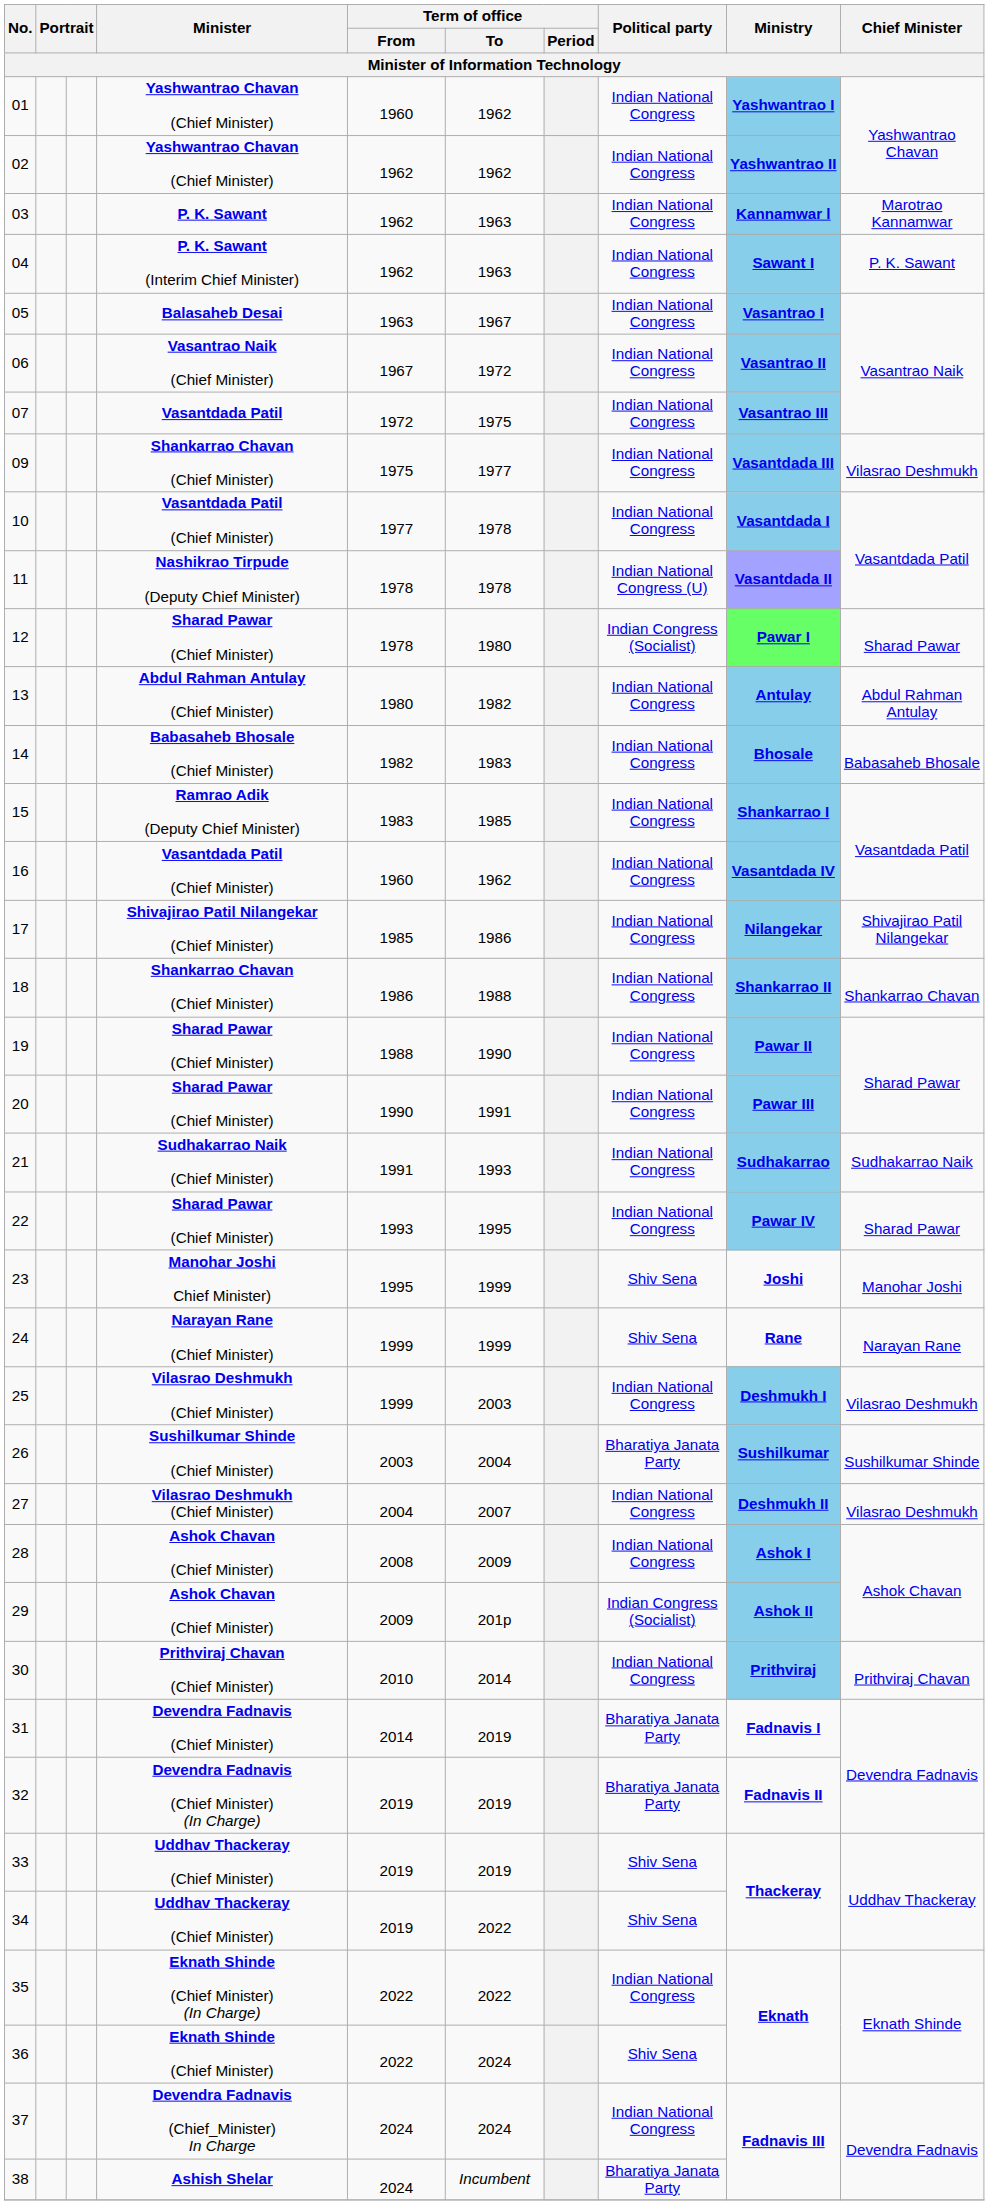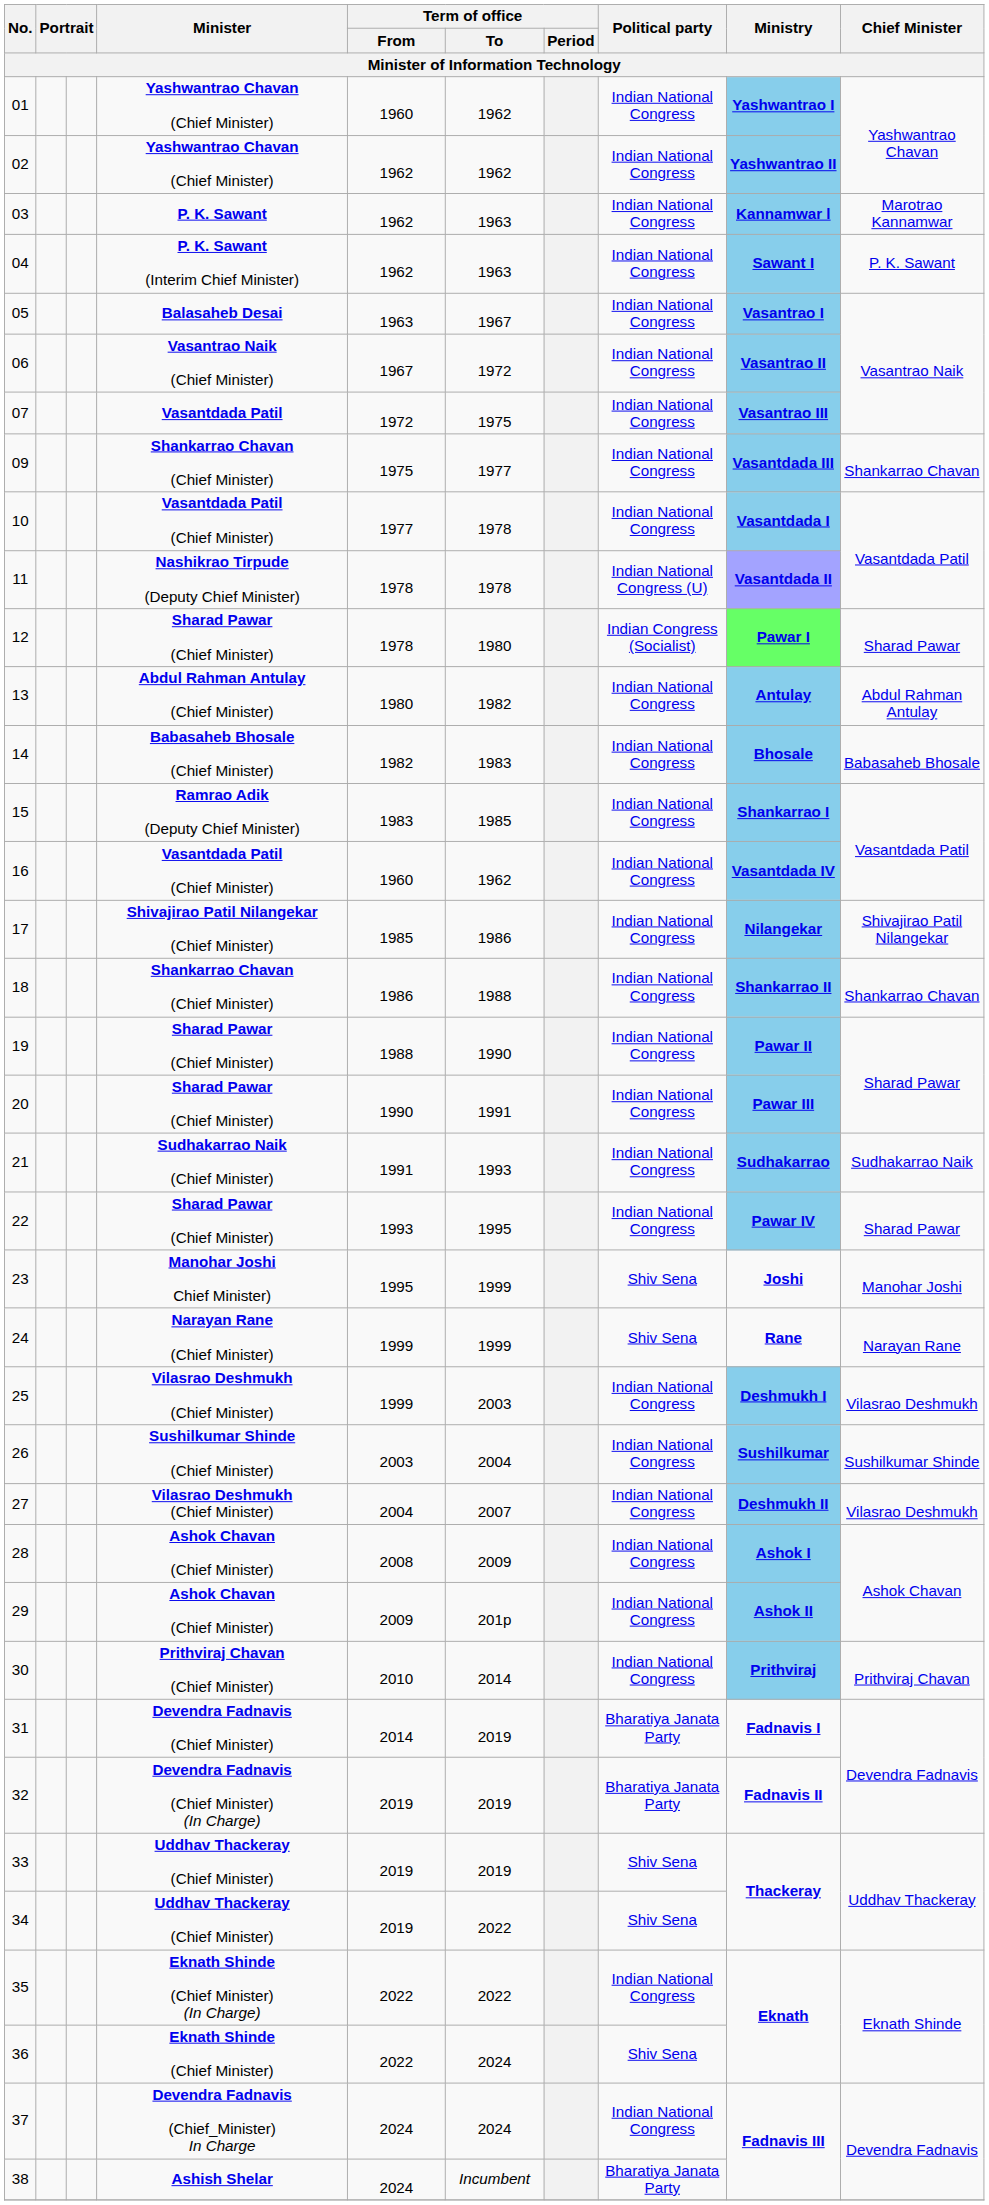 <table class="wikitable" style="text-align:center">
 <tr>
 <th rowspan="2">No.</th>
 <th rowspan="2" colspan="2">Portrait</th>
 <th rowspan="2" style="width:16em">Minister<br></th>
 <th colspan="3">Term of office</th>
 <th rowspan="2" style="width:8em">Political party</th>
 <th rowspan="2">Ministry</th>
 <th rowspan="2" style="width:9em">Chief Minister</th>
 </tr>
 <tr>
 <th style="width:6em">From</th>
 <th style="width:6em">To</th>
 <th>Period</th>
 </tr>
 <tr>
 <th colspan="10">Minister of Information Technology</th>
 </tr>
 <tr>
 <td>01</td>
 <td style="color:inherit;background:"></td>
 <td></td>
 <td><strong><a href='#'>Yashwantrao Chavan</a></strong> <br> <br>(Chief Minister)</td>
 <td><br>1960</td>
 <td><br>1962</td>
 <th></th>
 <td><a href='#'>Indian National Congress</a></td>
 <td bgcolor="#87CEEB"><a href='#'><strong>Yashwantrao I</strong></a></td>
 <td rowspan="2"> <br><a href='#'>Yashwantrao Chavan</a></td>
 </tr>
 <tr>
 <td>02</td>
 <td style="color:inherit;background:"></td>
 <td></td>
 <td><strong><a href='#'>Yashwantrao Chavan</a></strong> <br>  <br>(Chief Minister)</td>
 <td><br>1962</td>
 <td><br>1962</td>
 <th></th>
 <td><a href='#'>Indian National Congress</a></td>
 <td bgcolor="#87CEEB"><a href='#'><strong>Yashwantrao II</strong></a></td>
 </tr>
 <tr>
 <td>03</td>
 <td style="color:inherit;background:"></td>
 <td></td>
 <td><strong><a href='#'>P. K. Sawant</a></strong> <br> </td>
 <td><br>1962</td>
 <td><br>1963</td>
 <th></th>
 <td><a href='#'>Indian National Congress</a></td>
 <td bgcolor="#87CEEB"><a href='#'><strong>Kannamwar l</strong></a></td>
 <td><a href='#'>Marotrao Kannamwar</a></td>
 </tr>
 <tr>
 <td>04</td>
 <td style="color:inherit;background:"></td>
 <td></td>
 <td><strong><a href='#'>P. K. Sawant</a></strong> <br>  <br>(Interim Chief Minister)</td>
 <td><br>1962</td>
 <td><br>1963</td>
 <th></th>
 <td><a href='#'>Indian National Congress</a></td>
 <td bgcolor="#87CEEB"><a href='#'><strong>Sawant I</strong></a></td>
 <td><a href='#'>P. K. Sawant</a></td>
 </tr>
 <tr>
 <td>05</td>
 <td style="color:inherit;background:"></td>
 <td></td>
 <td><strong><a href='#'>Balasaheb Desai</a></strong> <br> </td>
 <td><br>1963</td>
 <td><br>1967</td>
 <th></th>
 <td><a href='#'>Indian National Congress</a></td>
 <td bgcolor="#87CEEB"><a href='#'><strong>Vasantrao I</strong></a></td>
 <td rowspan="3"><br><a href='#'>Vasantrao Naik</a></td>
 </tr>
 <tr>
 <td>06</td>
 <td style="color:inherit;background:"></td>
 <td></td>
 <td><strong><a href='#'>Vasantrao Naik</a></strong> <br> <br>(Chief Minister)</td>
 <td><br>1967</td>
 <td><br>1972</td>
 <th></th>
 <td><a href='#'>Indian National Congress</a></td>
 <td rowspan="1" bgcolor="#87CEEB"><a href='#'><strong>Vasantrao II</strong></a></td>
 </tr>
 <tr>
 <td>07</td>
 <td style="color:inherit;background:"></td>
 <td></td>
 <td><strong><a href='#'>Vasantdada Patil</a></strong> <br> </td>
 <td><br>1972</td>
 <td><br>1975</td>
 <th></th>
 <td><a href='#'>Indian National Congress</a></td>
 <td bgcolor="#87CEEB"><a href='#'><strong>Vasantrao III</strong></a></td>
 </tr>
 <tr>
 <td>09</td>
 <td style="color:inherit;background:"></td>
 <td></td>
 <td><strong><a href='#'>Shankarrao Chavan</a></strong> <br> <br>(Chief Minister)</td>
 <td><br>1975</td>
 <td><br>1977</td>
 <th></th>
 <td><a href='#'>Indian National Congress</a></td>
 <td bgcolor="#87CEEB"><a href='#'><strong>Vasantdada III</strong></a></td>
-<td> <br><a href='#'>Vilasrao Deshmukh</a></td>
+<td><br><a href='#'>Shankarrao Chavan</a></td>
 </tr>
 <tr>
 <td>10</td>
 <td style="color:inherit;background:"></td>
 <td></td>
 <td><strong><a href='#'>Vasantdada Patil</a></strong> <br> <br>(Chief Minister)</td>
 <td><br>1977</td>
 <td><br>1978</td>
 <th></th>
 <td><a href='#'>Indian National Congress</a></td>
 <td rowspan="1" bgcolor="#88CEEB"><a href='#'><strong>Vasantdada I</strong></a></td>
 <td rowspan="2"><br><a href='#'>Vasantdada Patil</a></td>
 </tr>
 <tr>
 <td>11</td>
 <td style="color:inherit;background:"></td>
 <td></td>
 <td><strong><a href='#'>Nashikrao Tirpude</a></strong><br>  <br>(Deputy Chief Minister)</td>
 <td><br>1978</td>
 <td><br>1978</td>
 <th></th>
 <td><a href='#'>Indian National Congress (U)</a></td>
 <td bgcolor="#A3A3FF"><a href='#'><strong>Vasantdada II</strong></a></td>
 </tr>
 <tr>
 <td>12</td>
 <td style="color:inherit;background:"></td>
 <td></td>
 <td><strong><a href='#'>Sharad Pawar</a></strong> <br> <br> (Chief Minister)</td>
 <td><br>1978</td>
 <td><br>1980</td>
 <th></th>
 <td><a href='#'>Indian Congress (Socialist)</a></td>
 <td rowspan="1" bgcolor="#66FF66"><a href='#'><strong>Pawar I</strong></a></td>
 <td rowspan="1"><br><a href='#'>Sharad Pawar</a></td>
 </tr>
 <tr>
 <td>13</td>
 <td style="color:inherit;background:"></td>
 <td></td>
 <td><strong><a href='#'>Abdul Rahman Antulay</a></strong> <br> <br>(Chief Minister)</td>
 <td><br>1980</td>
 <td><br>1982</td>
 <th></th>
 <td><a href='#'>Indian National Congress</a></td>
 <td bgcolor="#87CEEB"><a href='#'><strong>Antulay</strong></a></td>
 <td rowspan="1"> <br><a href='#'>Abdul Rahman Antulay</a></td>
 </tr>
 <tr>
 <td>14</td>
 <td style="color:inherit;background:"></td>
 <td></td>
 <td><strong><a href='#'>Babasaheb Bhosale</a></strong> <br> <br>(Chief Minister)</td>
 <td><br>1982</td>
 <td><br>1983</td>
 <th></th>
 <td><a href='#'>Indian National Congress</a></td>
 <td bgcolor="#87CEEB"><a href='#'><strong>Bhosale</strong></a></td>
 <td rowspan="1"> <br><a href='#'>Babasaheb Bhosale</a></td>
 </tr>
 <tr>
 <td>15</td>
 <td style="color:inherit;background:"></td>
 <td></td>
 <td><strong><a href='#'>Ramrao Adik</a></strong> <br>  <br>(Deputy Chief Minister)</td>
 <td><br>1983</td>
 <td><br>1985</td>
 <th></th>
 <td><a href='#'>Indian National Congress</a></td>
 <td bgcolor="#87CEEB"><a href='#'><strong>Shankarrao I</strong></a></td>
 <td rowspan="2"><br><a href='#'>Vasantdada Patil</a></td>
 </tr>
 <tr>
 <td>16</td>
 <td style="color:inherit;background:"></td>
 <td></td>
 <td><strong><a href='#'>Vasantdada Patil</a></strong> <br> <br>(Chief Minister)</td>
 <td><br>1960</td>
 <td><br>1962</td>
 <th></th>
 <td><a href='#'>Indian National Congress</a></td>
 <td bgcolor="#87CEEB"><a href='#'><strong>Vasantdada IV</strong></a></td>
 </tr>
 <tr>
 <td>17</td>
 <td style="color:inherit;background:"></td>
 <td></td>
 <td><strong><a href='#'>Shivajirao Patil Nilangekar</a></strong> <br> <br>(Chief Minister)</td>
 <td><br>1985</td>
 <td><br>1986</td>
 <th></th>
 <td><a href='#'>Indian National Congress</a></td>
 <td bgcolor="#87CEEB"><a href='#'><strong>Nilangekar</strong></a></td>
 <td><a href='#'>Shivajirao Patil Nilangekar</a></td>
 </tr>
 <tr>
 <td>18</td>
 <td style="color:inherit;background:"></td>
 <td></td>
 <td><strong><a href='#'>Shankarrao Chavan</a></strong> <br> <br>(Chief Minister)</td>
 <td><br>1986</td>
 <td><br>1988</td>
 <th></th>
 <td><a href='#'>Indian National Congress</a></td>
 <td bgcolor="#87CEEB"><a href='#'><strong>Shankarrao II</strong></a></td>
 <td rowspan="1"> <br><a href='#'>Shankarrao Chavan</a></td>
 </tr>
 <tr>
 <td>19</td>
 <td style="color:inherit;background:"></td>
 <td></td>
 <td><strong><a href='#'>Sharad Pawar</a></strong> <br> <br> (Chief Minister)</td>
 <td><br>1988</td>
 <td><br>1990</td>
 <th></th>
 <td><a href='#'>Indian National Congress</a></td>
 <td bgcolor="#87CEEB"><a href='#'><strong>Pawar II</strong></a></td>
 <td rowspan="2"> <br><a href='#'>Sharad Pawar</a></td>
 </tr>
 <tr>
 <td>20</td>
 <td style="color:inherit;background:"></td>
 <td></td>
 <td><strong><a href='#'>Sharad Pawar</a></strong> <br> <br> (Chief Minister)</td>
 <td><br>1990</td>
 <td><br>1991</td>
 <th></th>
 <td><a href='#'>Indian National Congress</a></td>
 <td bgcolor="#87CEEB"><a href='#'><strong>Pawar III</strong></a></td>
 </tr>
 <tr>
 <td>21</td>
 <td style="color:inherit;background:"></td>
 <td></td>
 <td><strong><a href='#'>Sudhakarrao Naik</a></strong> <br> <br>(Chief Minister)</td>
 <td><br>1991</td>
 <td><br>1993</td>
 <th></th>
 <td><a href='#'>Indian National Congress</a></td>
 <td rowspan="1" bgcolor="#87CEEB"><a href='#'><strong>Sudhakarrao</strong></a></td>
 <td rowspan="1"><a href='#'>Sudhakarrao Naik</a></td>
 </tr>
 <tr>
 <td>22</td>
 <td style="color:inherit;background:"></td>
 <td></td>
 <td><strong><a href='#'>Sharad Pawar</a></strong> <br> <br>(Chief Minister)</td>
 <td><br>1993</td>
 <td><br>1995</td>
 <th></th>
 <td><a href='#'>Indian National Congress</a></td>
 <td bgcolor="#87CEEB"><a href='#'><strong>Pawar IV</strong></a></td>
 <td> <br><a href='#'>Sharad Pawar</a></td>
 </tr>
 <tr>
 <td>23</td>
 <td style="color:inherit;background:"></td>
 <td></td>
 <td><strong><a href='#'>Manohar Joshi</a></strong><br>  <br>Chief Minister)</td>
 <td><br>1995</td>
 <td><br>1999</td>
 <th></th>
 <td><a href='#'>Shiv Sena</a></td>
 <td rowspan="1"><a href='#'><strong>Joshi</strong></a></td>
 <td rowspan="1"> <br><a href='#'>Manohar Joshi</a></td>
 </tr>
 <tr>
 <td>24</td>
 <td style="color:inherit;background:"></td>
 <td></td>
 <td><strong><a href='#'>Narayan Rane</a></strong><br>  <br>(Chief Minister)</td>
 <td><br>1999</td>
 <td><br>1999</td>
 <th></th>
 <td><a href='#'>Shiv Sena</a></td>
 <td><a href='#'><strong>Rane</strong></a></td>
 <td> <br><a href='#'>Narayan Rane</a></td>
 </tr>
 <tr>
 <td>25</td>
 <td style="color:inherit;background:"></td>
 <td></td>
 <td><strong><a href='#'>Vilasrao Deshmukh</a></strong><br>  <br>(Chief Minister)</td>
 <td><br>1999</td>
 <td><br>2003</td>
 <th></th>
 <td><a href='#'>Indian National Congress</a></td>
 <td rowspan="1" bgcolor="#87CEEB"><a href='#'><strong>Deshmukh I</strong></a></td>
 <td rowspan="1"> <br><a href='#'>Vilasrao Deshmukh</a></td>
 </tr>
 <tr>
 <td>26</td>
 <td style="color:inherit;background:"></td>
 <td></td>
 <td><strong><a href='#'>Sushilkumar Shinde</a></strong> <br> <br>(Chief Minister)</td>
 <td><br>2003</td>
 <td><br>2004</td>
 <th></th>
-<td><a href='#'>Bharatiya Janata Party</a></td>
+<td><a href='#'>Indian National Congress</a></td>
 <td rowspan="1" bgcolor="#87CEEB"><a href='#'><strong>Sushilkumar</strong></a></td>
 <td rowspan="1"> <br><a href='#'>Sushilkumar Shinde</a></td>
 </tr>
 <tr>
 <td>27</td>
 <td style="color:inherit;background:"></td>
 <td></td>
 <td><strong><a href='#'>Vilasrao Deshmukh</a></strong><br>  (Chief Minister)</td>
 <td><br>2004</td>
 <td><br>2007</td>
 <th></th>
 <td><a href='#'>Indian National Congress</a></td>
 <td bgcolor="#87CEEB"><a href='#'><strong>Deshmukh II</strong></a></td>
 <td> <br><a href='#'>Vilasrao Deshmukh</a></td>
 </tr>
 <tr>
 <td>28</td>
 <td style="color:inherit;background:"></td>
 <td></td>
 <td><strong><a href='#'>Ashok Chavan</a></strong> <br> <br>(Chief Minister)</td>
 <td><br>2008</td>
 <td><br>2009</td>
 <th></th>
 <td><a href='#'>Indian National Congress</a></td>
 <td bgcolor="#87CEEB"><a href='#'><strong>Ashok I</strong></a></td>
 <td rowspan="2"><br><a href='#'>Ashok Chavan</a></td>
 </tr>
 <tr>
 <td>29</td>
 <td style="color:inherit;background:"></td>
 <td></td>
 <td><strong><a href='#'>Ashok Chavan</a></strong> <br> <br>(Chief Minister)</td>
 <td><br>2009</td>
 <td><br>201p</td>
 <th></th>
-<td><a href='#'>Indian Congress (Socialist)</a></td>
+<td><a href='#'>Indian National Congress</a></td>
 <td bgcolor="#87CEEB"><a href='#'><strong>Ashok II</strong></a></td>
 </tr>
 <tr>
 <td>30</td>
 <td style="color:inherit;background:"></td>
 <td></td>
 <td><strong><a href='#'>Prithviraj Chavan</a></strong> <br> <br>(Chief Minister)</td>
 <td><br>2010</td>
 <td><br>2014</td>
 <th></th>
 <td><a href='#'>Indian National Congress</a></td>
 <td rowspan="1" bgcolor="#87CEEB"><a href='#'><strong>Prithviraj</strong></a></td>
 <td rowspan="1"><br><a href='#'>Prithviraj Chavan</a></td>
 </tr>
 <tr>
 <td>31</td>
 <td style="color:inherit;background:"></td>
 <td></td>
 <td><strong><a href='#'>Devendra Fadnavis</a></strong>  <br> <br>(Chief Minister)</td>
 <td><br>2014</td>
 <td><br>2019</td>
 <th></th>
 <td><a href='#'>Bharatiya Janata Party</a></td>
 <td rowspan="1"><a href='#'><strong>Fadnavis I</strong></a></td>
 <td rowspan="2"> <br><a href='#'>Devendra Fadnavis</a></td>
 </tr>
 <tr>
 <td>32</td>
 <td style="color:inherit;background:"></td>
 <td></td>
 <td><strong><a href='#'>Devendra Fadnavis</a></strong>  <br> <br>(Chief Minister) <br><em>(In Charge)</em></td>
 <td><br>2019</td>
 <td><br>2019</td>
 <th></th>
 <td><a href='#'>Bharatiya Janata Party</a></td>
 <td rowspan="1"><a href='#'><strong>Fadnavis II</strong></a></td>
 </tr>
 <tr>
 <td>33</td>
 <td style="color:inherit;background:"></td>
 <td></td>
 <td><strong><a href='#'>Uddhav Thackeray</a></strong> <br> <br>(Chief Minister)</td>
 <td><br>2019</td>
 <td><br>2019</td>
 <th></th>
 <td><a href='#'>Shiv Sena</a></td>
 <td rowspan="2"><a href='#'><strong>Thackeray</strong></a></td>
 <td rowspan="2"> <br><a href='#'>Uddhav Thackeray</a></td>
 </tr>
 <tr>
 <td>34</td>
 <td style="color:inherit;background:"></td>
 <td></td>
 <td><strong><a href='#'>Uddhav Thackeray</a></strong><br>  <br>(Chief Minister)</td>
 <td><br>2019</td>
 <td><br>2022</td>
 <th></th>
 <td><a href='#'>Shiv Sena</a></td>
 </tr>
 <tr>
 <td>35</td>
 <td style="color:inherit;background:"></td>
 <td></td>
 <td><strong><a href='#'>Eknath Shinde</a></strong> <br> <br>(Chief Minister) <br><em>(In Charge)</em></td>
 <td><br>2022</td>
 <td><br>2022</td>
 <th></th>
 <td><a href='#'>Indian National Congress</a></td>
 <td rowspan="2"><a href='#'><strong>Eknath</strong></a></td>
 <td rowspan="2"> <br><a href='#'>Eknath Shinde</a></td>
 </tr>
 <tr>
 <td>36</td>
 <td style="color:inherit;background:"></td>
 <td></td>
 <td><strong><a href='#'>Eknath Shinde</a></strong> <br> <br>(Chief Minister)</td>
 <td><br>2022</td>
 <td><br>2024</td>
 <th></th>
 <td><a href='#'>Shiv Sena</a></td>
 </tr>
 <tr>
 <td>37</td>
 <td style="color:inherit;background:"></td>
 <td></td>
 <td><strong><a href='#'>Devendra Fadnavis</a></strong>  <br> <br>(Chief_Minister) <br><em>In Charge</em></td>
 <td><br>2024</td>
 <td><br>2024</td>
 <th></th>
 <td><a href='#'>Indian National Congress</a></td>
 <td rowspan="2"><a href='#'><strong>Fadnavis III</strong></a></td>
 <td rowspan="2"> <br><a href='#'>Devendra Fadnavis</a></td>
 </tr>
 <tr>
 <td>38</td>
 <td style="color:inherit;background:"></td>
 <td></td>
 <td><strong><a href='#'>Ashish Shelar</a></strong> <br> </td>
 <td><br>2024</td>
 <td><em>Incumbent</em></td>
 <th></th>
 <td><a href='#'>Bharatiya Janata Party</a></td>
 </tr>
 <tr>
 </tr>
 </table>
